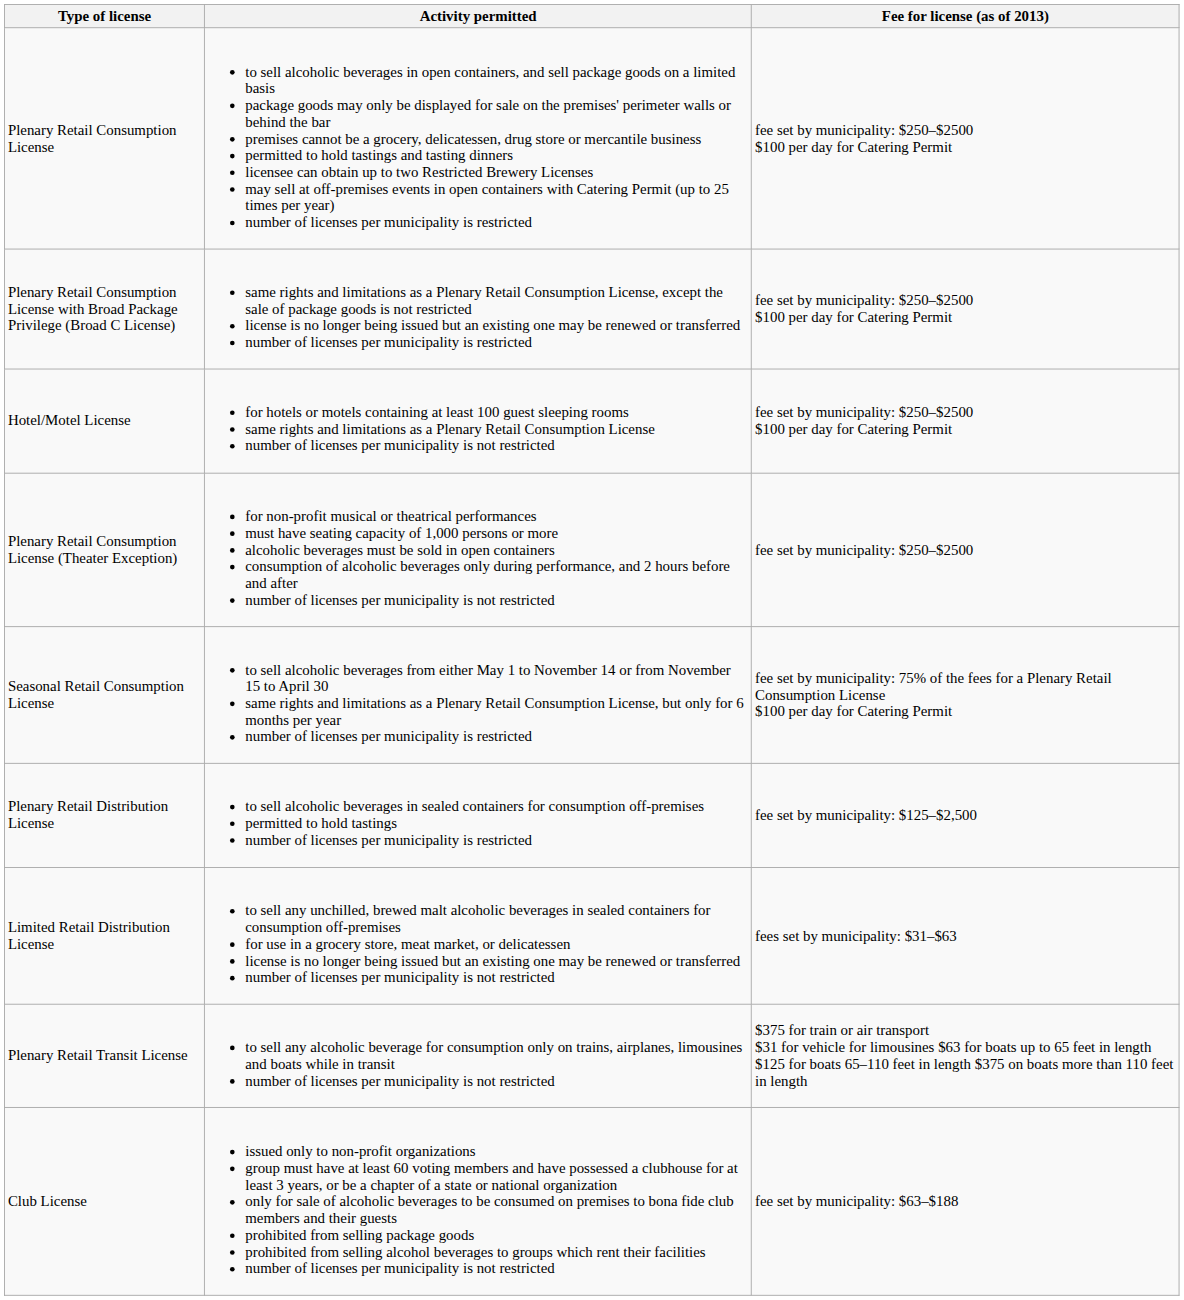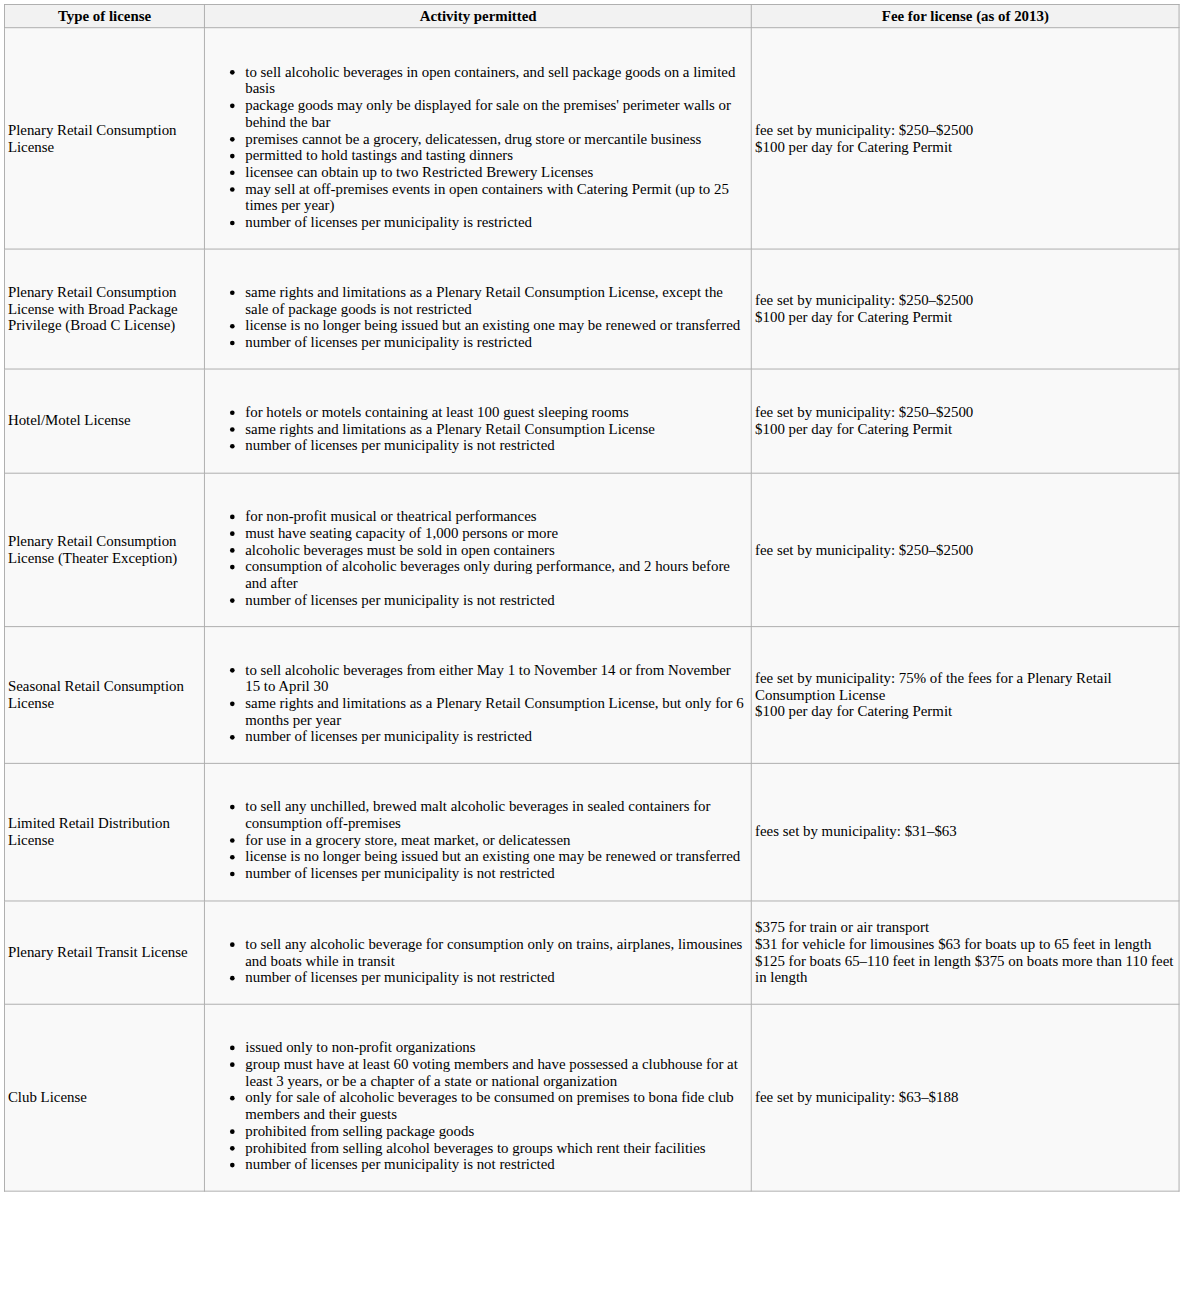 <table class="wikitable mw-collapsible" style="width:100%">
 <tr>
 <th width="160">Type of license</th>
 <th width="450">Activity permitted</th>
 <th width="350">Fee for license (as of 2013)</th>
 </tr>
 <tr>
 <td>Plenary Retail Consumption License</td>
 <td><br><ul><li>to sell alcoholic beverages in open containers, and sell package goods on a limited basis</li><li>package goods may only be displayed for sale on the premises' perimeter walls or behind the bar</li><li>premises cannot be a grocery, delicatessen, drug store or mercantile business</li><li>permitted to hold tastings and tasting dinners</li><li>licensee can obtain up to two Restricted Brewery Licenses</li><li>may sell at off-premises events in open containers with Catering Permit (up to 25 times per year)</li><li>number of licenses per municipality is restricted</li></ul></td>
 <td>fee set by municipality: $250–$2500<br>$100 per day for Catering Permit</td>
 </tr>
 <tr>
 <td>Plenary Retail Consumption License with Broad Package Privilege (Broad C License)</td>
 <td><br><ul><li>same rights and limitations as a Plenary Retail Consumption License, except the sale of package goods is not restricted</li><li>license is no longer being issued but an existing one may be renewed or transferred</li><li>number of licenses per municipality is restricted</li></ul></td>
 <td>fee set by municipality: $250–$2500<br>$100 per day for Catering Permit</td>
 </tr>
 <tr>
 <td>Hotel/Motel License</td>
 <td><br><ul><li>for hotels or motels containing at least 100 guest sleeping rooms</li><li>same rights and limitations as a Plenary Retail Consumption License</li><li>number of licenses per municipality is not restricted</li></ul></td>
 <td>fee set by municipality: $250–$2500<br>$100 per day for Catering Permit</td>
 </tr>
 <tr>
 <td>Plenary Retail Consumption License (Theater Exception)</td>
 <td><br><ul><li>for non-profit musical or theatrical performances</li><li>must have seating capacity of 1,000 persons or more</li><li>alcoholic beverages must be sold in open containers</li><li>consumption of alcoholic beverages only during performance, and 2 hours before and after</li><li>number of licenses per municipality is not restricted</li></ul></td>
 <td>fee set by municipality: $250–$2500</td>
 </tr>
 <tr>
 <td>Seasonal Retail Consumption License</td>
 <td><br><ul><li>to sell alcoholic beverages from either May 1 to November 14 or from November 15 to April 30</li><li>same rights and limitations as a Plenary Retail Consumption License, but only for 6 months per year</li><li>number of licenses per municipality is restricted</li></ul></td>
 <td>fee set by municipality: 75% of the fees for a Plenary Retail Consumption License<br>$100 per day for Catering Permit</td>
 </tr>
 <tr>
-<td>Plenary Retail Distribution License</td>
-<td><br><ul><li>to sell alcoholic beverages in sealed containers for consumption off-premises</li><li>permitted to hold tastings</li><li>number of licenses per municipality is restricted</li></ul></td>
-<td>fee set by municipality: $125–$2,500</td>
-</tr>
-<tr>
 <td>Limited Retail Distribution License</td>
 <td><br><ul><li>to sell any unchilled, brewed malt alcoholic beverages in sealed containers for consumption off-premises</li><li>for use in a grocery store, meat market, or delicatessen</li><li>license is no longer being issued but an existing one may be renewed or transferred</li><li>number of licenses per municipality is not restricted</li></ul></td>
 <td>fees set by municipality: $31–$63</td>
 </tr>
 <tr>
 <td>Plenary Retail Transit License</td>
 <td><br><ul><li>to sell any alcoholic beverage for consumption only on trains, airplanes, limousines and boats while in transit</li><li>number of licenses per municipality is not restricted</li></ul></td>
 <td>$375 for train or air transport<br>$31 for vehicle for limousines $63 for boats up to 65 feet in length $125 for boats 65–110 feet in length $375 on boats more than 110 feet in length</td>
 </tr>
 <tr>
 <td>Club License</td>
 <td><br><ul><li>issued only to non-profit organizations</li><li>group must have at least 60 voting members and have possessed a clubhouse for at least 3 years, or be a chapter of a state or national organization</li><li>only for sale of alcoholic beverages to be consumed on premises to bona fide club members and their guests</li><li>prohibited from selling package goods</li><li>prohibited from selling alcohol beverages to groups which rent their facilities</li><li>number of licenses per municipality is not restricted</li></ul></td>
 <td>fee set by municipality: $63–$188</td>
 </tr>
 </table>
